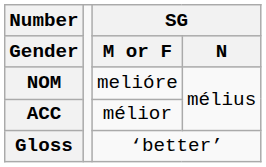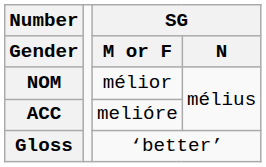 <table class="wikitable" style="text-align: center;">
 <tr>
 <th>Number</th>
 <td rowspan="5"></td>
 <th colspan="2">SG</th>
 </tr>
 <tr>
 <th>Gender</th>
 <th>M or F</th>
 <th>N</th>
 </tr>
 <tr>
 <th>NOM</th>
-<td>melióre</td>
+<td>mélior</td>
 <td rowspan="2">mélius</td>
 </tr>
 <tr>
 <th>ACC</th>
-<td>mélior</td>
+<td>melióre</td>
 </tr>
 <tr>
 <th>Gloss</th>
 <td colspan="2">‘better’</td>
 </tr>
 </table>
